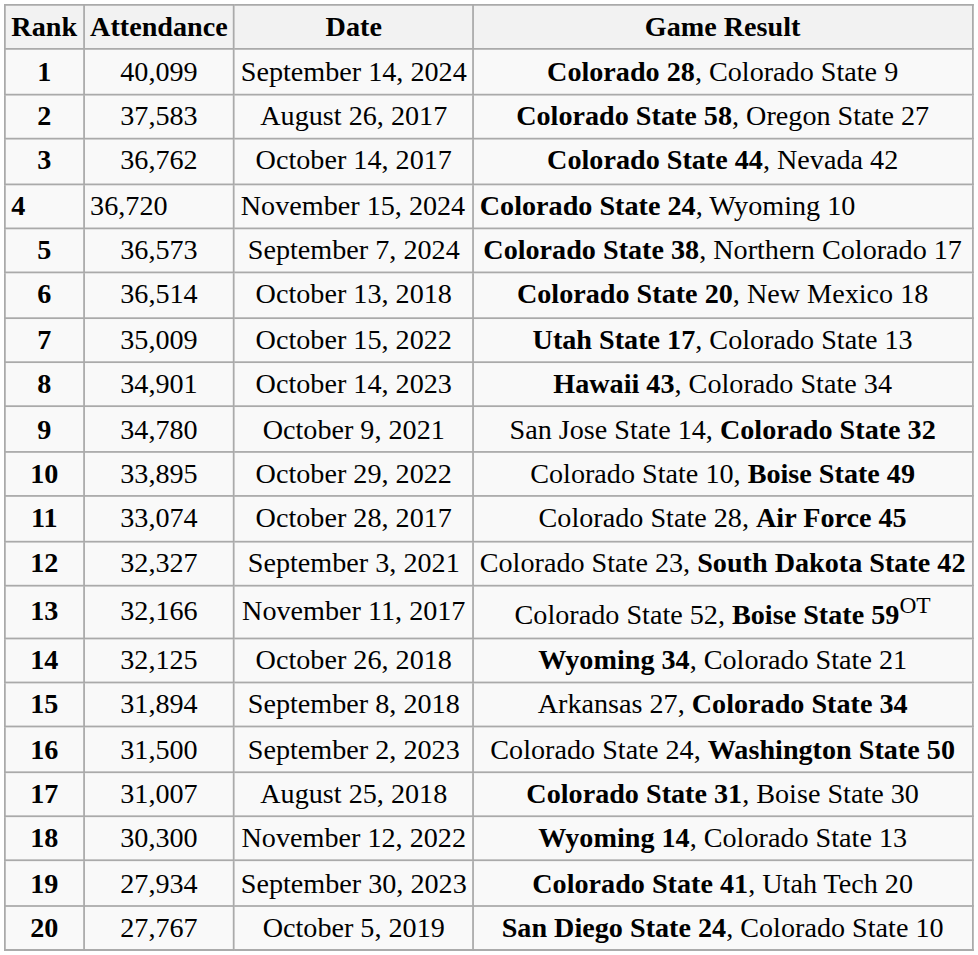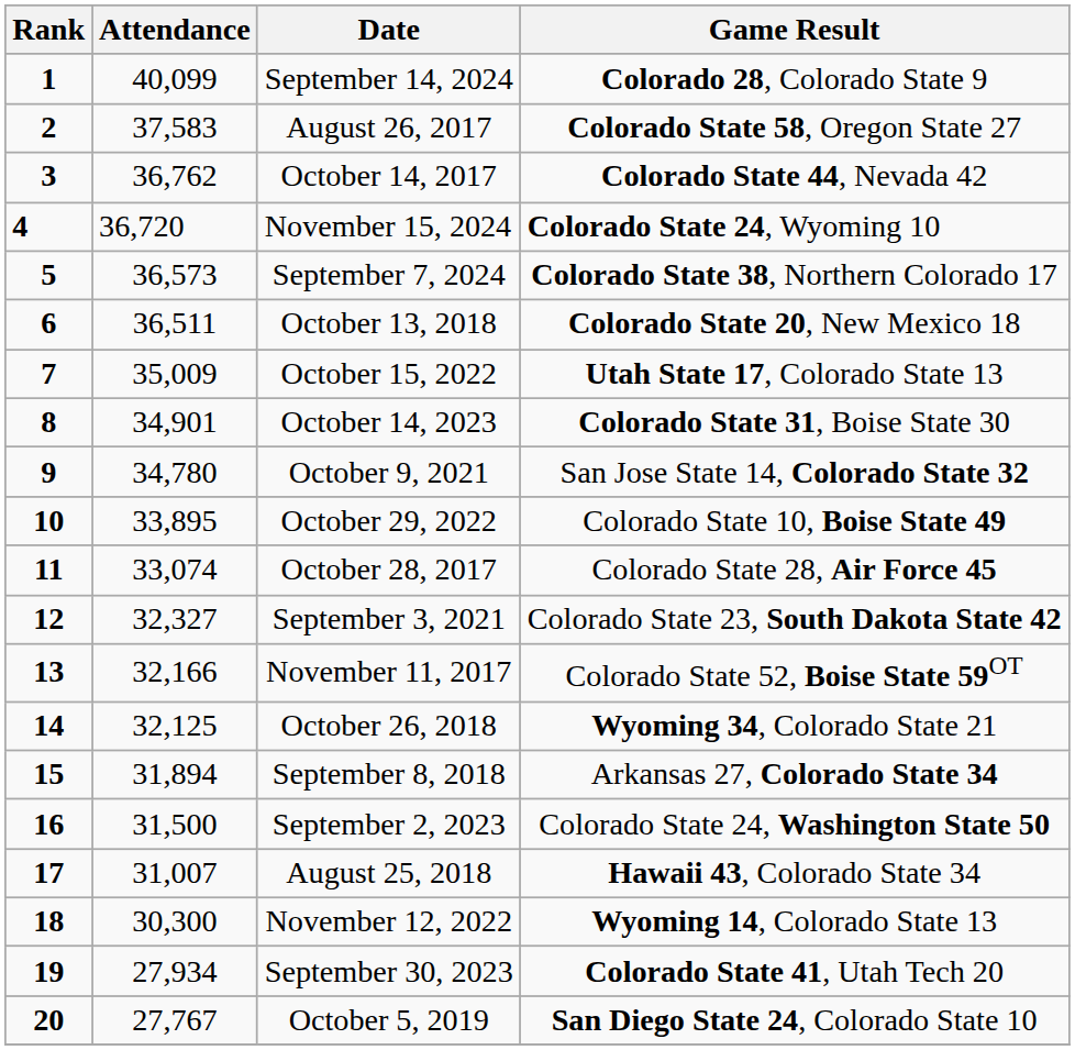 <table class="wikitable">
 <tr>
 <th>Rank</th>
 <th>Attendance</th>
 <th>Date</th>
 <th>Game Result</th>
 </tr>
 <tr align="center">
 <td><strong>1</strong></td>
 <td>40,099</td>
 <td>September 14, 2024</td>
 <td><strong>Colorado 28</strong>, Colorado State 9</td>
 </tr>
 <tr align="center">
 <td><strong>2</strong></td>
 <td>37,583</td>
 <td>August 26, 2017</td>
 <td><strong>Colorado State 58</strong>, Oregon State 27</td>
 </tr>
 <tr align="center">
 <td><strong>3</strong></td>
 <td>36,762</td>
 <td>October 14, 2017</td>
 <td><strong>Colorado State 44</strong>, Nevada 42</td>
 </tr>
 <tr>
 <td><strong>4</strong></td>
 <td>36,720</td>
 <td>November 15, 2024</td>
 <td><strong>Colorado State 24</strong>, Wyoming 10</td>
 </tr>
 <tr align="center">
 <td><strong>5</strong></td>
 <td>36,573</td>
 <td>September 7, 2024</td>
 <td><strong>Colorado State 38</strong>, Northern Colorado 17</td>
 </tr>
 <tr align="center">
 <td><strong>6</strong></td>
-<td>36,514</td>
+<td>36,511</td>
 <td>October 13, 2018</td>
 <td><strong>Colorado State 20</strong>, New Mexico 18</td>
 </tr>
 <tr align="center">
 <td><strong>7</strong></td>
 <td>35,009</td>
 <td>October 15, 2022</td>
 <td><strong>Utah State 17</strong>, Colorado State 13</td>
 </tr>
 <tr align="center">
 <td><strong>8</strong></td>
 <td>34,901</td>
 <td>October 14, 2023</td>
-<td><strong>Hawaii 43</strong>, Colorado State 34</td>
+<td><strong>Colorado State 31</strong>, Boise State 30</td>
 </tr>
 <tr align="center">
 <td><strong>9</strong></td>
 <td>34,780</td>
 <td>October 9, 2021</td>
 <td>San Jose State 14, <strong>Colorado State 32</strong></td>
 </tr>
 <tr align="center">
 <td><strong>10</strong></td>
 <td>33,895</td>
 <td>October 29, 2022</td>
 <td>Colorado State 10, <strong>Boise State 49</strong></td>
 </tr>
 <tr align="center">
 <td><strong>11</strong></td>
 <td>33,074</td>
 <td>October 28, 2017</td>
 <td>Colorado State 28, <strong>Air Force 45</strong></td>
 </tr>
 <tr align="center">
 <td><strong>12</strong></td>
 <td>32,327</td>
 <td>September 3, 2021</td>
 <td>Colorado State 23, <strong>South Dakota State 42</strong></td>
 </tr>
 <tr align="center">
 <td><strong>13</strong></td>
 <td>32,166</td>
 <td>November 11, 2017</td>
 <td>Colorado State 52, <strong>Boise State 59</strong><sup>OT</sup></td>
 </tr>
 <tr align="center">
 <td><strong>14</strong></td>
 <td>32,125</td>
 <td>October 26, 2018</td>
 <td><strong>Wyoming 34</strong>, Colorado State 21</td>
 </tr>
 <tr align="center">
 <td><strong>15</strong></td>
 <td>31,894</td>
 <td>September 8, 2018</td>
 <td>Arkansas 27, <strong>Colorado State 34</strong></td>
 </tr>
 <tr align="center">
 <td><strong>16</strong></td>
 <td>31,500</td>
 <td>September 2, 2023</td>
 <td>Colorado State 24, <strong>Washington State 50</strong></td>
 </tr>
 <tr align="center">
 <td><strong>17</strong></td>
 <td>31,007</td>
 <td>August 25, 2018</td>
-<td><strong>Colorado State 31</strong>, Boise State 30</td>
+<td><strong>Hawaii 43</strong>, Colorado State 34</td>
 </tr>
 <tr align="center">
 <td><strong>18</strong></td>
 <td>30,300</td>
 <td>November 12, 2022</td>
 <td><strong>Wyoming 14</strong>, Colorado State 13</td>
 </tr>
 <tr align="center">
 <td><strong>19</strong></td>
 <td>27,934</td>
 <td>September 30, 2023</td>
 <td><strong>Colorado State 41</strong>, Utah Tech 20</td>
 </tr>
 <tr align="center">
 <td><strong>20</strong></td>
 <td>27,767</td>
 <td>October 5, 2019</td>
 <td><strong>San Diego State 24</strong>, Colorado State 10</td>
 </tr>
 <tr align="center">
 </tr>
 <tr>
 </tr>
 </table>
